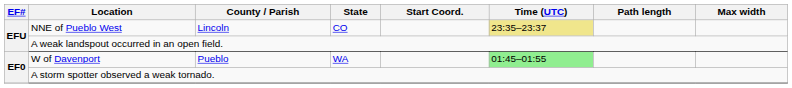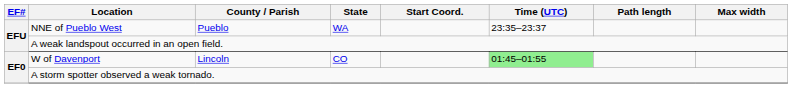 <table class="wikitable sortable" style="width:100%;">
 <tr>
 <th scope="col" width="2%" align="center"><a href='#'>EF#</a></th>
 <th scope="col" align="center" class="unsortable">Location</th>
 <th scope="col" align="center" class="unsortable">County / Parish</th>
 <th scope="col" align="center">State</th>
 <th scope="col" align="center">Start Coord.</th>
 <th scope="col" align="center">Time (<a href='#'>UTC</a>)</th>
 <th scope="col" align="center">Path length</th>
 <th scope="col" align="center">Max width</th>
 </tr>
 <tr>
 <th scope="row" rowspan="2" style="background-color:#">EFU</th>
 <td>NNE of <a href='#'>Pueblo West</a></td>
-<td><a href='#'>Lincoln</a></td>
-<td><a href='#'>CO</a></td>
+<td><a href='#'>Pueblo</a></td>
+<td><a href='#'>WA</a></td>
 <td></td>
-<td style="background: khaki;">23:35–23:37</td>
+<td>23:35–23:37</td>
 <td></td>
 <td></td>
 </tr>
 <tr class="expand-child">
 <td colspan="8" style=" border-bottom: 1px solid black;">A weak landspout occurred in an open field.</td>
 </tr>
 <tr>
 <th scope="row" rowspan="2" style="background-color:#">EF0</th>
 <td>W of <a href='#'>Davenport</a></td>
-<td><a href='#'>Pueblo</a></td>
-<td><a href='#'>WA</a></td>
+<td><a href='#'>Lincoln</a></td>
+<td><a href='#'>CO</a></td>
 <td></td>
 <td style="background: lightgreen;">01:45–01:55</td>
 <td></td>
 <td></td>
 </tr>
 <tr class="expand-child">
 <td colspan="8" style=" border-bottom: 1px solid black;">A storm spotter observed a weak tornado.</td>
 </tr>
 <tr>
 </tr>
 </table>
